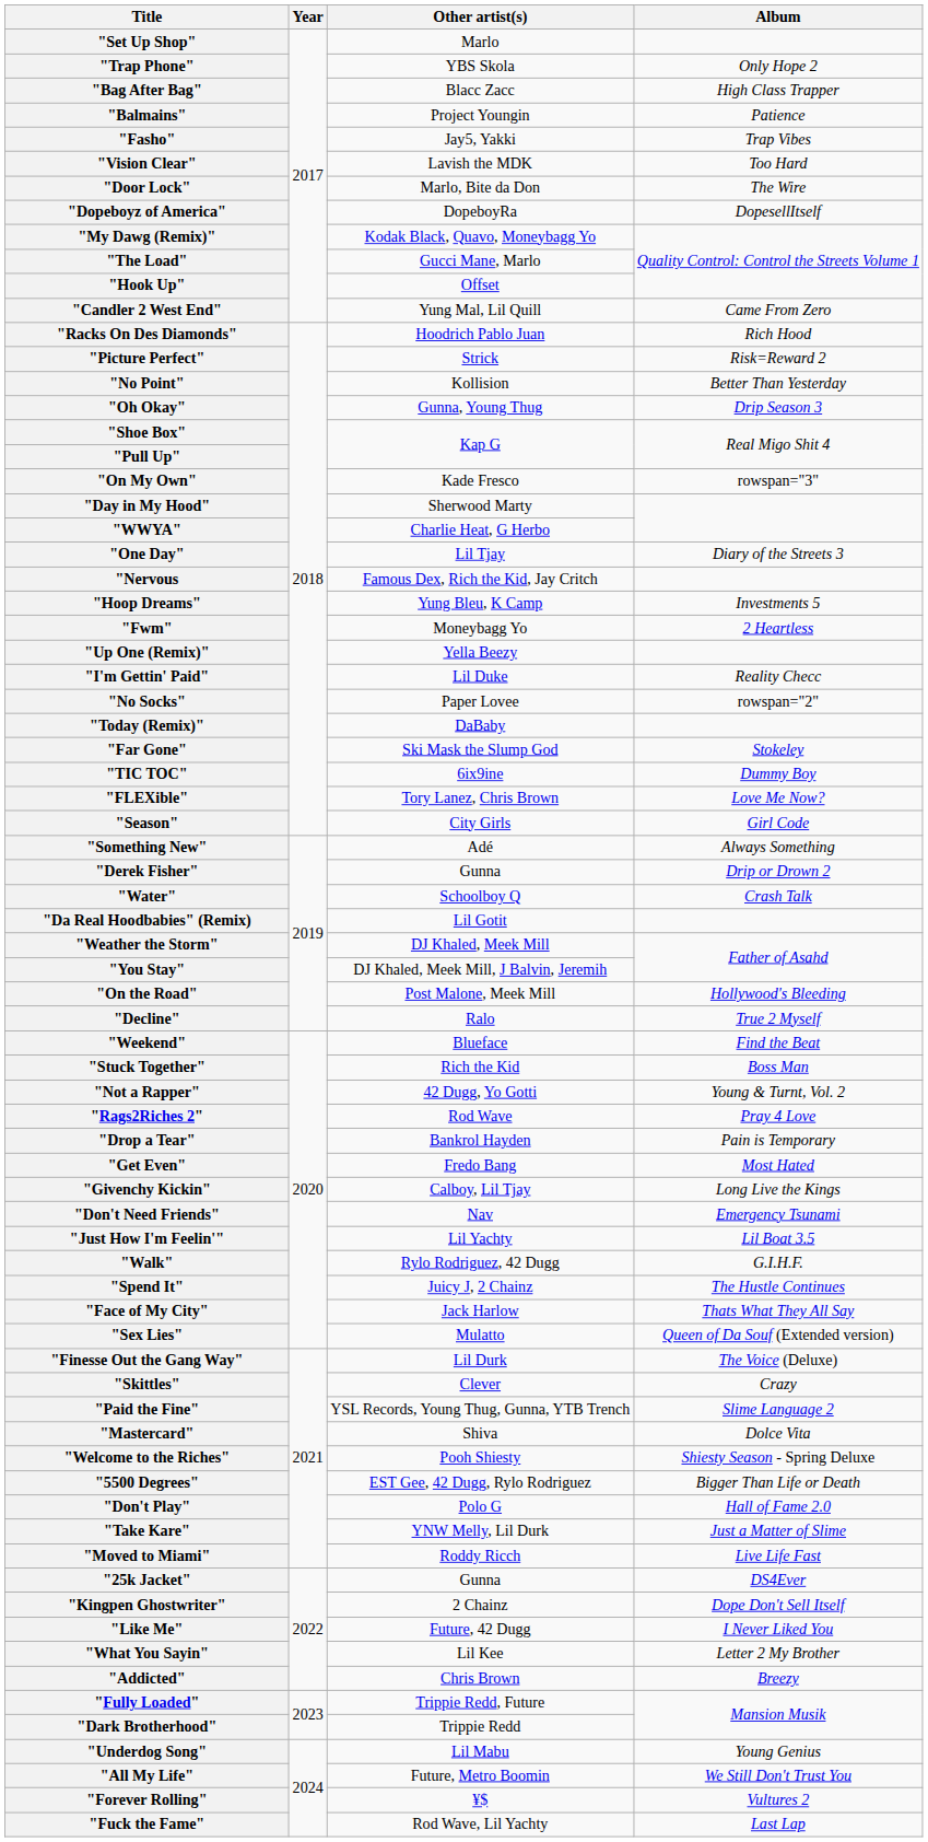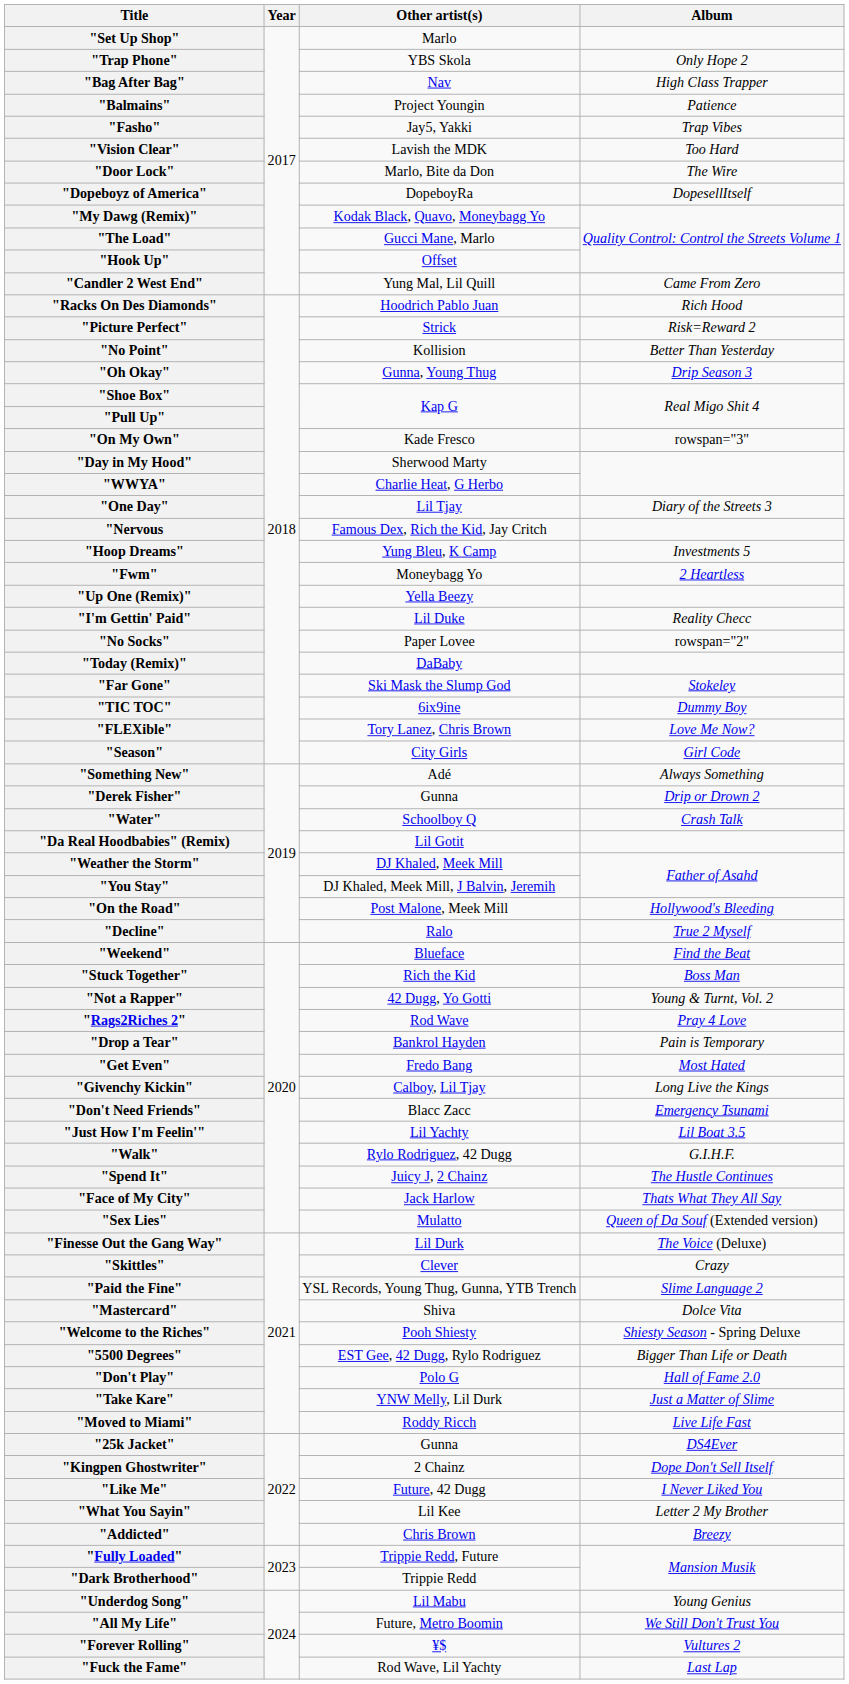 <table class="wikitable plainrowheaders" style="text-align:center;">
 <tr>
 <th scope="col" style="width:18em;">Title</th>
 <th scope="col">Year</th>
 <th scope="col">Other artist(s)</th>
 <th scope="col">Album</th>
 </tr>
 <tr>
 <th scope="row">"Set Up Shop"</th>
 <td rowspan="12">2017</td>
 <td>Marlo</td>
 <td></td>
 </tr>
 <tr>
 <th scope="row">"Trap Phone"</th>
 <td>YBS Skola</td>
 <td><em>Only Hope 2</em></td>
 </tr>
 <tr>
 <th scope="row">"Bag After Bag"</th>
-<td>Blacc Zacc</td>
+<td><a href='#'>Nav</a></td>
 <td><em>High Class Trapper</em></td>
 </tr>
 <tr>
 <th scope="row">"Balmains"</th>
 <td>Project Youngin</td>
 <td><em>Patience</em></td>
 </tr>
 <tr>
 <th scope="row">"Fasho"</th>
 <td>Jay5, Yakki</td>
 <td><em>Trap Vibes</em></td>
 </tr>
 <tr>
 <th scope="row">"Vision Clear"</th>
 <td>Lavish the MDK</td>
 <td><em>Too Hard</em></td>
 </tr>
 <tr>
 <th scope="row">"Door Lock"</th>
 <td>Marlo, Bite da Don</td>
 <td><em>The Wire</em></td>
 </tr>
 <tr>
 <th scope="row">"Dopeboyz of America"</th>
 <td>DopeboyRa</td>
 <td><em>DopesellItself</em></td>
 </tr>
 <tr>
 <th scope="row">"My Dawg (Remix)"</th>
 <td><a href='#'>Kodak Black</a>, <a href='#'>Quavo</a>, <a href='#'>Moneybagg Yo</a></td>
 <td rowspan="3"><em><a href='#'>Quality Control: Control the Streets Volume 1</a></em></td>
 </tr>
 <tr>
 <th scope="row">"The Load"</th>
 <td><a href='#'>Gucci Mane</a>, Marlo</td>
 </tr>
 <tr>
 <th scope="row">"Hook Up"</th>
 <td><a href='#'>Offset</a></td>
 </tr>
 <tr>
 <th scope="row">"Candler 2 West End"</th>
 <td>Yung Mal, Lil Quill</td>
 <td><em>Came From Zero</em></td>
 </tr>
 <tr>
 <th scope="row">"Racks On Des Diamonds"</th>
 <td rowspan="21">2018</td>
 <td><a href='#'>Hoodrich Pablo Juan</a></td>
 <td><em>Rich Hood</em></td>
 </tr>
 <tr>
 <th scope="row">"Picture Perfect"</th>
 <td><a href='#'>Strick</a></td>
 <td><em>Risk=Reward 2</em></td>
 </tr>
 <tr>
 <th scope="row">"No Point"</th>
 <td>Kollision</td>
 <td><em>Better Than Yesterday</em></td>
 </tr>
 <tr>
 <th scope="row">"Oh Okay"</th>
 <td><a href='#'>Gunna</a>, <a href='#'>Young Thug</a></td>
 <td><em><a href='#'>Drip Season 3</a></em></td>
 </tr>
 <tr>
 <th scope="row">"Shoe Box"</th>
 <td rowspan="2"><a href='#'>Kap G</a></td>
 <td rowspan="2"><em>Real Migo Shit 4</em></td>
 </tr>
 <tr>
 <th scope="row">"Pull Up"</th>
 </tr>
 <tr>
 <th scope="row">"On My Own"</th>
 <td>Kade Fresco</td>
 <td>rowspan="3" </td>
 </tr>
 <tr>
 <th scope="row">"Day in My Hood"</th>
 <td>Sherwood Marty</td>
 </tr>
 <tr>
 <th scope="row">"WWYA"</th>
 <td><a href='#'>Charlie Heat</a>, <a href='#'>G Herbo</a></td>
 </tr>
 <tr>
 <th scope="row">"One Day"</th>
 <td><a href='#'>Lil Tjay</a></td>
 <td><em>Diary of the Streets 3</em></td>
 </tr>
 <tr>
 <th scope="row">"Nervous </th>
 <td><a href='#'>Famous Dex</a>, <a href='#'>Rich the Kid</a>, Jay Critch</td>
 <td></td>
 </tr>
 <tr>
 <th scope="row">"Hoop Dreams"</th>
 <td><a href='#'>Yung Bleu</a>, <a href='#'>K Camp</a></td>
 <td><em>Investments 5</em></td>
 </tr>
 <tr>
 <th scope="row">"Fwm"</th>
 <td>Moneybagg Yo</td>
 <td><em><a href='#'>2 Heartless</a></em></td>
 </tr>
 <tr>
 <th scope="row">"Up One (Remix)"</th>
 <td><a href='#'>Yella Beezy</a></td>
 <td></td>
 </tr>
 <tr>
 <th scope="row">"I'm Gettin' Paid"</th>
 <td><a href='#'>Lil Duke</a></td>
 <td><em>Reality Checc</em></td>
 </tr>
 <tr>
 <th scope="row">"No Socks"</th>
 <td>Paper Lovee</td>
 <td>rowspan="2" </td>
 </tr>
 <tr>
 <th scope="row">"Today (Remix)"</th>
 <td><a href='#'>DaBaby</a></td>
 </tr>
 <tr>
 <th scope="row">"Far Gone"</th>
 <td><a href='#'>Ski Mask the Slump God</a></td>
 <td><em><a href='#'>Stokeley</a></em></td>
 </tr>
 <tr>
 <th scope="row">"TIC TOC"</th>
 <td><a href='#'>6ix9ine</a></td>
 <td><em><a href='#'>Dummy Boy</a></em></td>
 </tr>
 <tr>
 <th scope="row">"FLEXible"</th>
 <td><a href='#'>Tory Lanez</a>, <a href='#'>Chris Brown</a></td>
 <td><em><a href='#'>Love Me Now?</a></em></td>
 </tr>
 <tr>
 <th scope="row">"Season"</th>
 <td><a href='#'>City Girls</a></td>
 <td><em><a href='#'>Girl Code</a></em></td>
 </tr>
 <tr>
 <th scope="row">"Something New"</th>
 <td rowspan="8">2019</td>
 <td>Adé</td>
 <td><em>Always Something</em></td>
 </tr>
 <tr>
 <th scope="row">"Derek Fisher"</th>
 <td>Gunna</td>
 <td><em><a href='#'>Drip or Drown 2</a></em></td>
 </tr>
 <tr>
 <th scope="row">"Water"</th>
 <td><a href='#'>Schoolboy Q</a></td>
 <td><em><a href='#'>Crash Talk</a></em></td>
 </tr>
 <tr>
 <th scope="row">"Da Real Hoodbabies" (Remix)</th>
 <td><a href='#'>Lil Gotit</a></td>
 <td></td>
 </tr>
 <tr>
 <th scope="row">"Weather the Storm"</th>
 <td><a href='#'>DJ Khaled</a>, <a href='#'>Meek Mill</a></td>
 <td rowspan="2"><em><a href='#'>Father of Asahd</a></em></td>
 </tr>
 <tr>
 <th scope="row">"You Stay"</th>
 <td>DJ Khaled, Meek Mill, <a href='#'>J Balvin</a>, <a href='#'>Jeremih</a></td>
 </tr>
 <tr>
 <th scope="row">"On the Road"</th>
 <td><a href='#'>Post Malone</a>, Meek Mill</td>
 <td><em><a href='#'>Hollywood's Bleeding</a></em></td>
 </tr>
 <tr>
 <th scope="row">"Decline"</th>
 <td><a href='#'>Ralo</a></td>
 <td><em><a href='#'>True 2 Myself</a></em></td>
 </tr>
 <tr>
 <th scope="row">"Weekend"</th>
 <td rowspan="13">2020</td>
 <td><a href='#'>Blueface</a></td>
 <td><em><a href='#'>Find the Beat</a></em></td>
 </tr>
 <tr>
 <th scope="row">"Stuck Together"</th>
 <td><a href='#'>Rich the Kid</a></td>
 <td><em><a href='#'>Boss Man</a></em></td>
 </tr>
 <tr>
 <th scope="row">"Not a Rapper"</th>
 <td><a href='#'>42 Dugg</a>, <a href='#'>Yo Gotti</a></td>
 <td><em>Young & Turnt, Vol. 2</em></td>
 </tr>
 <tr>
 <th scope="row">"<a href='#'>Rags2Riches 2</a>"</th>
 <td><a href='#'>Rod Wave</a></td>
 <td><em><a href='#'>Pray 4 Love</a></em></td>
 </tr>
 <tr>
 <th scope="row">"Drop a Tear"</th>
 <td><a href='#'>Bankrol Hayden</a></td>
 <td><em>Pain is Temporary</em></td>
 </tr>
 <tr>
 <th scope="row">"Get Even"</th>
 <td><a href='#'>Fredo Bang</a></td>
 <td><em><a href='#'>Most Hated</a></em></td>
 </tr>
 <tr>
 <th scope="row">"Givenchy Kickin"</th>
 <td><a href='#'>Calboy</a>, <a href='#'>Lil Tjay</a></td>
 <td><em>Long Live the Kings</em></td>
 </tr>
 <tr>
 <th scope="row">"Don't Need Friends"</th>
-<td><a href='#'>Nav</a></td>
+<td>Blacc Zacc</td>
 <td><em><a href='#'>Emergency Tsunami</a></em></td>
 </tr>
 <tr>
 <th scope="row">"Just How I'm Feelin'"</th>
 <td><a href='#'>Lil Yachty</a></td>
 <td><em><a href='#'>Lil Boat 3.5</a></em></td>
 </tr>
 <tr>
 <th scope="row">"Walk"</th>
 <td><a href='#'>Rylo Rodriguez</a>, 42 Dugg</td>
 <td><em>G.I.H.F.</em></td>
 </tr>
 <tr>
 <th scope="row">"Spend It"</th>
 <td><a href='#'>Juicy J</a>, <a href='#'>2 Chainz</a></td>
 <td><em><a href='#'>The Hustle Continues</a></em></td>
 </tr>
 <tr>
 <th scope="row">"Face of My City"</th>
 <td><a href='#'>Jack Harlow</a></td>
 <td><em><a href='#'>Thats What They All Say</a></em></td>
 </tr>
 <tr>
 <th scope="row">"Sex Lies"</th>
 <td><a href='#'>Mulatto</a></td>
 <td><em><a href='#'>Queen of Da Souf</a></em> (Extended version)</td>
 </tr>
 <tr>
 <th scope="row">"Finesse Out the Gang Way"</th>
 <td rowspan="9">2021</td>
 <td><a href='#'>Lil Durk</a></td>
 <td><em><a href='#'>The Voice</a></em> (Deluxe)</td>
 </tr>
 <tr>
 <th scope="row">"Skittles"</th>
 <td><a href='#'>Clever</a></td>
 <td><em>Crazy</em></td>
 </tr>
 <tr>
 <th scope="row">"Paid the Fine"</th>
 <td>YSL Records, Young Thug, Gunna, YTB Trench</td>
 <td><em><a href='#'>Slime Language 2</a></em></td>
 </tr>
 <tr>
 <th scope="row">"Mastercard"</th>
 <td>Shiva</td>
 <td><em>Dolce Vita</em></td>
 </tr>
 <tr>
 <th scope="row">"Welcome to the Riches"</th>
 <td><a href='#'>Pooh Shiesty</a></td>
 <td><em><a href='#'>Shiesty Season</a></em> - Spring Deluxe</td>
 </tr>
 <tr>
 <th scope="row">"5500 Degrees"</th>
 <td><a href='#'>EST Gee</a>, <a href='#'>42 Dugg</a>, Rylo Rodriguez</td>
 <td><em>Bigger Than Life or Death</em></td>
 </tr>
 <tr>
 <th scope="row">"Don't Play"</th>
 <td><a href='#'>Polo G</a></td>
 <td><em><a href='#'>Hall of Fame 2.0</a></em></td>
 </tr>
 <tr>
 <th scope="row">"Take Kare"</th>
 <td><a href='#'>YNW Melly</a>, Lil Durk</td>
 <td><em><a href='#'>Just a Matter of Slime</a></em></td>
 </tr>
 <tr>
 <th scope="row">"Moved to Miami"</th>
 <td><a href='#'>Roddy Ricch</a></td>
 <td><em><a href='#'>Live Life Fast</a></em></td>
 </tr>
 <tr>
 <th scope="row">"25k Jacket"</th>
 <td rowspan="5">2022</td>
 <td>Gunna</td>
 <td><em><a href='#'>DS4Ever</a></em></td>
 </tr>
 <tr>
 <th scope="row">"Kingpen Ghostwriter"</th>
 <td>2 Chainz</td>
 <td><em><a href='#'>Dope Don't Sell Itself</a></em></td>
 </tr>
 <tr>
 <th scope="row">"Like Me"</th>
 <td><a href='#'>Future</a>, 42 Dugg</td>
 <td><em><a href='#'>I Never Liked You</a></em></td>
 </tr>
 <tr>
 <th scope="row">"What You Sayin"</th>
 <td>Lil Kee</td>
 <td><em>Letter 2 My Brother</em></td>
 </tr>
 <tr>
 <th scope="row">"Addicted"</th>
 <td><a href='#'>Chris Brown</a></td>
 <td><em><a href='#'>Breezy</a></em></td>
 </tr>
 <tr>
 <th scope="row">"<a href='#'>Fully Loaded</a>"</th>
 <td rowspan="2">2023</td>
 <td><a href='#'>Trippie Redd</a>, Future</td>
 <td rowspan="2"><em><a href='#'>Mansion Musik</a></em></td>
 </tr>
 <tr>
 <th scope="row">"Dark Brotherhood"</th>
 <td>Trippie Redd</td>
 </tr>
 <tr>
 <th scope="row">"Underdog Song"</th>
 <td rowspan="4">2024</td>
 <td><a href='#'>Lil Mabu</a></td>
 <td><em>Young Genius</em></td>
 </tr>
 <tr>
 <th scope="row">"All My Life"</th>
 <td>Future, <a href='#'>Metro Boomin</a></td>
 <td><em><a href='#'>We Still Don't Trust You</a></em></td>
 </tr>
 <tr>
 <th scope="row">"Forever Rolling"</th>
 <td><a href='#'>¥$</a></td>
 <td><em><a href='#'>Vultures 2</a></em></td>
 </tr>
 <tr>
 <th scope="row">"Fuck the Fame"</th>
 <td>Rod Wave, Lil Yachty</td>
 <td><em><a href='#'>Last Lap</a></em></td>
 </tr>
 </table>
